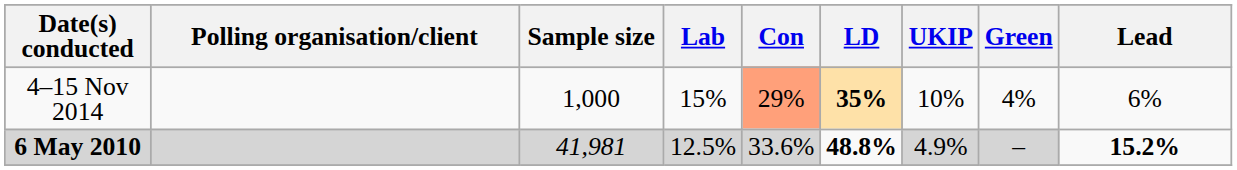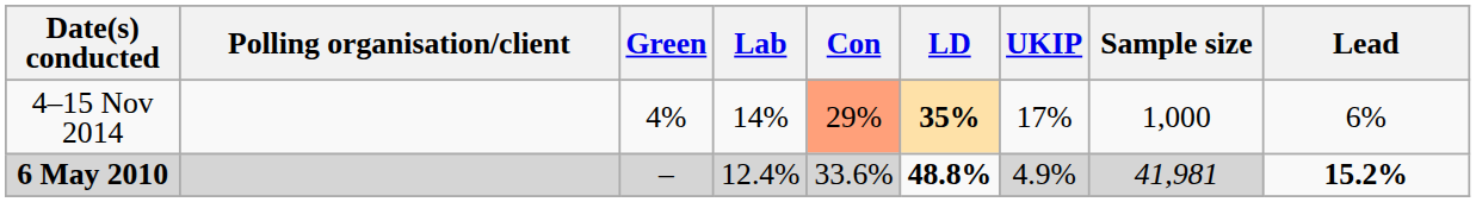 <table class="wikitable sortable" style="text-align:center;font-size:90%;line-height:14px">
 <tr>
 <th ! style="width:75px;">Date(s)<br>conducted</th>
 <th style="width:200px;">Polling organisation/client</th>
-<th class="unsortable" style="width:75px;">Sample size</th>
+<th class="unsortable" style="background:"><a href='#'><span>Green</span></a></th>
 <th class="unsortable" style="background:"><a href='#'><span>Lab</span></a></th>
 <th class="unsortable" style="background:"><a href='#'><span>Con</span></a></th>
 <th class="unsortable" style="background:"><a href='#'><span>LD</span></a></th>
 <th class="unsortable" style="background:"><a href='#'><span>UKIP</span></a></th>
-<th class="unsortable" style="background:"><a href='#'><span>Green</span></a></th>
+<th class="unsortable" style="width:75px;">Sample size</th>
 <th class="unsortable" style="width:90px;">Lead</th>
 </tr>
 <tr>
 <td>4–15 Nov 2014</td>
 <td></td>
-<td>1,000</td>
-<td>15%</td>
+<td>4%</td>
+<td>14%</td>
 <td style="background: lightsalmon;">29%</td>
 <td style="background:#FEE1A8"><strong>35%</strong></td>
-<td>10%</td>
-<td>4%</td>
+<td>17%</td>
+<td>1,000</td>
 <td style="background:">6%</td>
 </tr>
 <tr>
 <td style="background:#D5D5D5"><strong>6 May 2010</strong></td>
 <td style="background:#D5D5D5"></td>
-<td style="background:#D5D5D5"><em>41,981</em></td>
-<td style="background:#D5D5D5">12.5%</td>
+<td style="background:#D5D5D5">–</td>
+<td style="background:#D5D5D5">12.4%</td>
 <td style="background:#D5D5D5">33.6%</td>
 <td style="background:"><strong>48.8%</strong></td>
 <td style="background:#D5D5D5">4.9%</td>
-<td style="background:#D5D5D5">–</td>
+<td style="background:#D5D5D5"><em>41,981</em></td>
 <td style="background:"><strong>15.2% </strong></td>
 </tr>
 </table>
